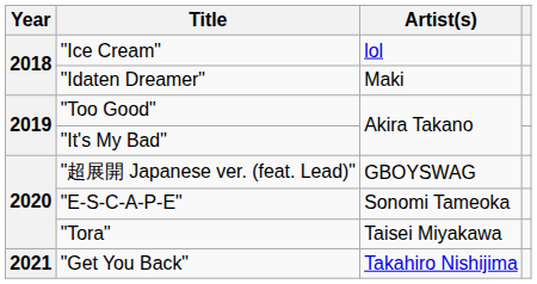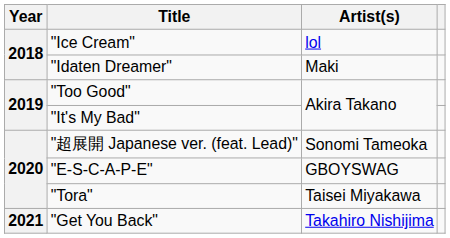 <table class="wikitable sortable plainrowheaders">
 <tr>
 <th scope="col">Year</th>
 <th class="col">Title</th>
 <th class="col">Artist(s)</th>
 <th scope="col" class="unsortable"></th>
 </tr>
 <tr>
 <th rowspan="2" scope="row">2018</th>
 <td>"Ice Cream"</td>
 <td><a href='#'>lol</a></td>
 <td style="text-align:center"></td>
 </tr>
 <tr>
 <td>"Idaten Dreamer"</td>
 <td>Maki</td>
 <td style="text-align:center"></td>
 </tr>
 <tr>
 <th scope="row" rowspan="2">2019</th>
 <td>"Too Good"</td>
 <td rowspan="2">Akira Takano</td>
 <td style="text-align:center"></td>
 </tr>
 <tr>
 <td>"It's My Bad"</td>
 <td style="text-align:center"></td>
 </tr>
 <tr>
 <th rowspan="3" scope="row">2020</th>
 <td>"超展開 Japanese ver. (feat. Lead)"</td>
-<td>GBOYSWAG</td>
+<td>Sonomi Tameoka</td>
 <td style="text-align:center"></td>
 </tr>
 <tr>
 <td>"E-S-C-A-P-E"</td>
-<td>Sonomi Tameoka</td>
+<td>GBOYSWAG</td>
 <td style="text-align:center"></td>
 </tr>
 <tr>
 <td>"Tora"</td>
 <td>Taisei Miyakawa</td>
 <td style="text-align:center"></td>
 </tr>
 <tr>
 <th scope="row">2021</th>
 <td>"Get You Back"</td>
 <td><a href='#'>Takahiro Nishijima</a></td>
 <td style="text-align:center"></td>
 </tr>
 </table>
